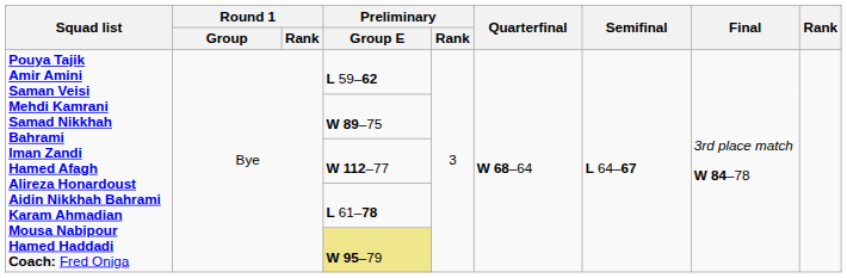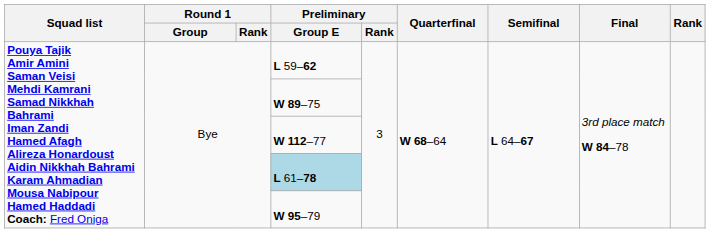 <table class="wikitable" width="98%" style="text-align:left; font-size:90%">
 <tr>
 <th rowspan="2" width="20%">Squad list</th>
 <th colspan="2">Round 1</th>
 <th colspan="2">Preliminary</th>
 <th rowspan="2" width="13%">Quarterfinal</th>
 <th rowspan="2" width="13%">Semifinal</th>
 <th rowspan="2" width="13%">Final</th>
 <th rowspan="2" width="5%">Rank</th>
 </tr>
 <tr>
 <th width="13%">Group</th>
 <th width="5%">Rank</th>
 <th width="13%">Group E</th>
 <th width="5%">Rank</th>
 </tr>
 <tr>
 <td rowspan="5"><strong><a href='#'>Pouya Tajik</a><br><a href='#'>Amir Amini</a><br><a href='#'>Saman Veisi</a><br><a href='#'>Mehdi Kamrani</a><br><a href='#'>Samad Nikkhah Bahrami</a><br><a href='#'>Iman Zandi</a><br><a href='#'>Hamed Afagh</a><br><a href='#'>Alireza Honardoust</a><br><a href='#'>Aidin Nikkhah Bahrami</a><br><a href='#'>Karam Ahmadian</a><br><a href='#'>Mousa Nabipour</a><br><a href='#'>Hamed Haddadi</a><br>Coach:</strong>  <a href='#'>Fred Oniga</a></td>
 <td rowspan="5" align="center"  colspan="2">Bye</td>
 <td><br><strong>L</strong> 59–<strong>62</strong></td>
 <td rowspan="5" align=center>3 <strong></strong></td>
 <td rowspan="5"><br><strong>W</strong> <strong>68</strong>–64</td>
 <td rowspan="5"><br><strong>L</strong> 64–<strong>67</strong></td>
 <td rowspan="5"><em>3rd place match</em><br><br><strong>W</strong> <strong>84</strong>–78</td>
 <td rowspan="5" align="center"></td>
 </tr>
 <tr>
 <td><br><strong>W</strong> <strong>89</strong>–75</td>
 </tr>
 <tr>
 <td><br><strong>W</strong> <strong>112</strong>–77</td>
 </tr>
 <tr>
-<td><br><strong>L</strong> 61–<strong>78</strong></td>
+<td style="background: lightblue;"><br><strong>L</strong> 61–<strong>78</strong></td>
 </tr>
 <tr>
-<td style="background: khaki;"><br><strong>W</strong> <strong>95</strong>–79</td>
+<td><br><strong>W</strong> <strong>95</strong>–79</td>
 </tr>
 </table>
